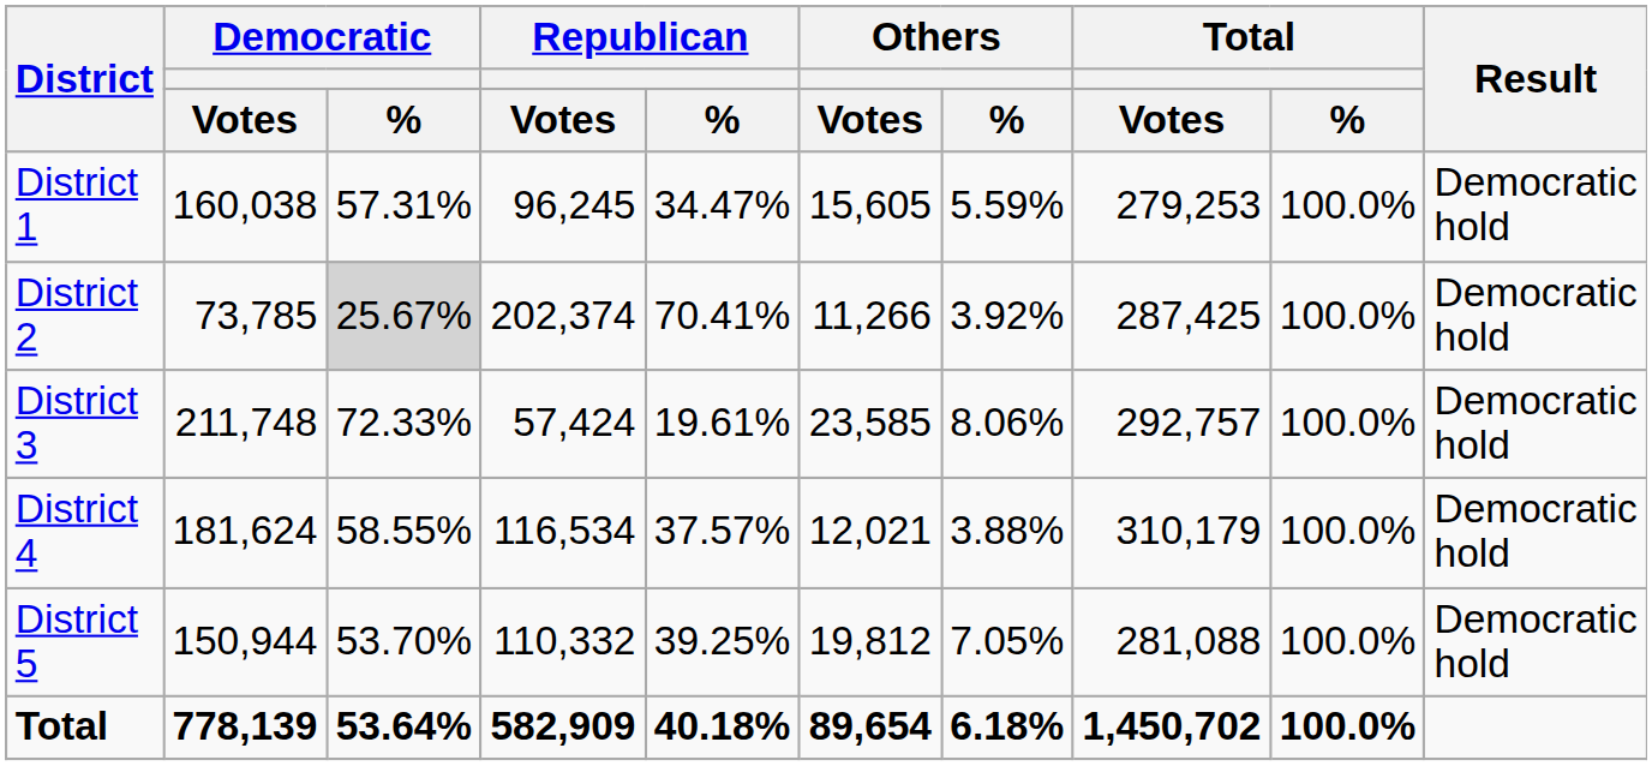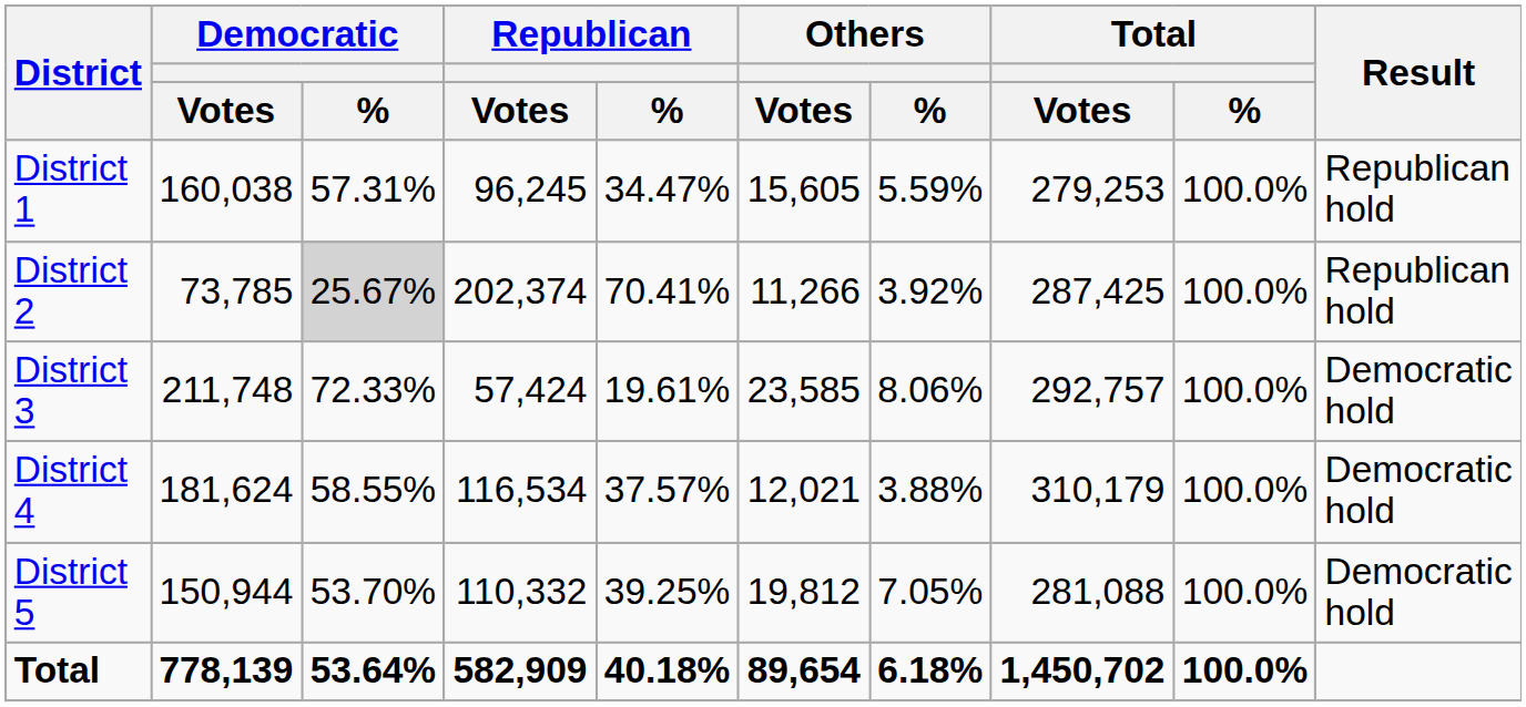 <table class="wikitable plainrowheaders sortable" style="font-size:100%; text-align:right;">
 <tr>
 <th scope=col rowspan=3><a href='#'>District</a></th>
 <th scope=col colspan=2><a href='#'>Democratic</a></th>
 <th scope=col colspan=2><a href='#'>Republican</a></th>
 <th scope=col colspan=2>Others</th>
 <th scope=col colspan=2>Total</th>
 <th scope=col rowspan=3>Result</th>
 </tr>
 <tr>
 <th scope=col colspan=2 style="background:"></th>
 <th scope=col colspan=2 style="background:"></th>
 <th scope=col colspan=2></th>
 <th scope=col colspan=2></th>
 </tr>
 <tr>
 <th scope=col data-sort-type="number">Votes</th>
 <th scope=col data-sort-type="number">%</th>
 <th scope=col data-sort-type="number">Votes</th>
 <th scope=col data-sort-type="number">%</th>
 <th scope=col data-sort-type="number">Votes</th>
 <th scope=col data-sort-type="number">%</th>
 <th scope=col data-sort-type="number">Votes</th>
 <th scope=col data-sort-type="number">%</th>
 </tr>
 <tr>
 <td align=left><a href='#'>District 1</a></td>
 <td>160,038</td>
 <td>57.31%</td>
 <td>96,245</td>
 <td>34.47%</td>
 <td>15,605</td>
 <td>5.59%</td>
 <td>279,253</td>
 <td>100.0%</td>
-<td align=left>Democratic hold</td>
+<td align=left>Republican hold</td>
 </tr>
 <tr>
 <td align=left><a href='#'>District 2</a></td>
 <td>73,785</td>
 <td style="background: lightgrey;">25.67%</td>
 <td>202,374</td>
 <td>70.41%</td>
 <td>11,266</td>
 <td>3.92%</td>
 <td>287,425</td>
 <td>100.0%</td>
-<td align=left>Democratic hold</td>
+<td align=left>Republican hold</td>
 </tr>
 <tr>
 <td align=left><a href='#'>District 3</a></td>
 <td>211,748</td>
 <td>72.33%</td>
 <td>57,424</td>
 <td>19.61%</td>
 <td>23,585</td>
 <td>8.06%</td>
 <td>292,757</td>
 <td>100.0%</td>
 <td align=left>Democratic hold</td>
 </tr>
 <tr>
 <td align=left><a href='#'>District 4</a></td>
 <td>181,624</td>
 <td>58.55%</td>
 <td>116,534</td>
 <td>37.57%</td>
 <td>12,021</td>
 <td>3.88%</td>
 <td>310,179</td>
 <td>100.0%</td>
 <td align=left>Democratic hold</td>
 </tr>
 <tr>
 <td align=left><a href='#'>District 5</a></td>
 <td>150,944</td>
 <td>53.70%</td>
 <td>110,332</td>
 <td>39.25%</td>
 <td>19,812</td>
 <td>7.05%</td>
 <td>281,088</td>
 <td>100.0%</td>
 <td align=left>Democratic hold</td>
 </tr>
 <tr class="sortbottom" style="font-weight:bold">
 <td align=left>Total</td>
 <td>778,139</td>
 <td>53.64%</td>
 <td>582,909</td>
 <td>40.18%</td>
 <td>89,654</td>
 <td>6.18%</td>
 <td>1,450,702</td>
 <td>100.0%</td>
 <td></td>
 </tr>
 </table>
